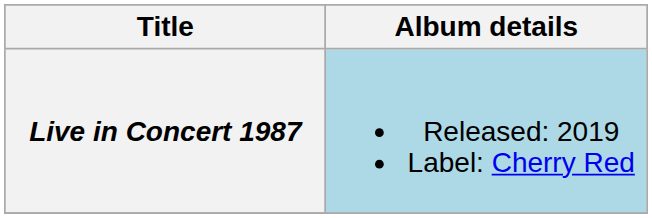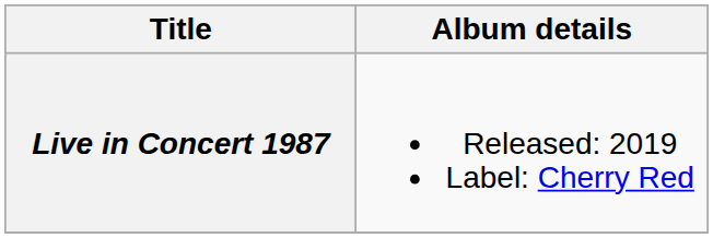 <table class="wikitable plainrowheaders" style="text-align:center;" border="1">
 <tr>
 <th scope="col" rowspan="1" style="width:11em;">Title</th>
 <th scope="col" rowspan="1" style="width:11em;">Album details</th>
 </tr>
 <tr>
 <th scope="row"><em>Live in Concert 1987</em></th>
-<td style="background: lightblue;"><br><ul><li>Released: 2019</li><li>Label: <a href='#'>Cherry Red</a></li></ul></td>
+<td><br><ul><li>Released: 2019</li><li>Label: <a href='#'>Cherry Red</a></li></ul></td>
 </tr>
 <tr>
 </tr>
 </table>
